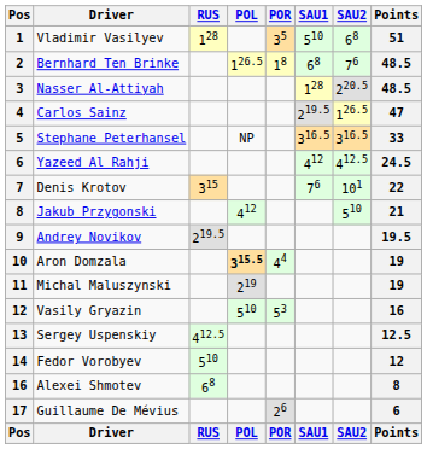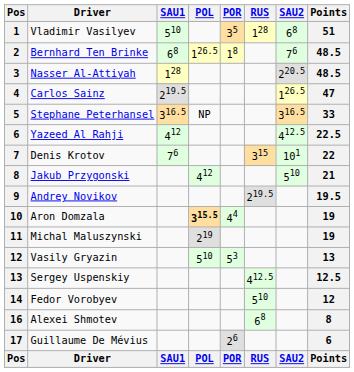 <table class="wikitable" style="font-size: 85%; text-align: center; display: inline-table;">
 <tr valign="top">
 <th valign="middle">Pos</th>
 <th valign="middle">Driver</th>
-<th><a href='#'>RUS</a><br></th>
+<th><a href='#'>SAU1</a><br></th>
 <th><a href='#'>POL</a><br></th>
 <th><a href='#'>POR</a><br></th>
-<th><a href='#'>SAU1</a><br></th>
+<th><a href='#'>RUS</a><br></th>
 <th><a href='#'>SAU2</a><br></th>
 <th valign="middle">Points</th>
 </tr>
 <tr>
 <th>1</th>
 <td align=left> Vladimir Vasilyev</td>
-<td style="background:#ffffbf;">1<sup>28</sup></td>
+<td style="background:#dfffdf;">5<sup>10</sup></td>
 <td></td>
 <td style="background:#ffdf9f;">3<sup>5</sup></td>
-<td style="background:#dfffdf;">5<sup>10</sup></td>
+<td style="background:#ffffbf;">1<sup>28</sup></td>
 <td style="background:#dfffdf;">6<sup>8</sup></td>
 <th>51</th>
 </tr>
 <tr>
 <th>2</th>
 <td align=left> <a href='#'>Bernhard Ten Brinke</a></td>
-<td></td>
+<td style="background:#dfffdf;">6<sup>8</sup></td>
 <td style="background:#ffffbf;">1<sup>26.5</sup></td>
 <td style="background:#ffffbf;">1<sup>8</sup></td>
-<td style="background:#dfffdf;">6<sup>8</sup></td>
+<td></td>
 <td style="background:#dfffdf;">7<sup>6</sup></td>
 <th>48.5</th>
 </tr>
 <tr>
 <th>3</th>
 <td align=left> <a href='#'>Nasser Al-Attiyah</a></td>
+<td style="background:#ffffbf;">1<sup>28</sup></td>
 <td></td>
 <td></td>
 <td></td>
-<td style="background:#ffffbf;">1<sup>28</sup></td>
 <td style="background:#dfdfdf;">2<sup>20.5</sup></td>
 <th>48.5</th>
 </tr>
 <tr>
 <th>4</th>
 <td align=left> <a href='#'>Carlos Sainz</a></td>
+<td style="background:#dfdfdf;">2<sup>19.5</sup></td>
 <td></td>
 <td></td>
 <td></td>
-<td style="background:#dfdfdf;">2<sup>19.5</sup></td>
 <td style="background:#ffffbf;">1<sup>26.5</sup></td>
 <th>47</th>
 </tr>
 <tr>
 <th>5</th>
 <td align=left> <a href='#'>Stephane Peterhansel</a></td>
-<td></td>
+<td style="background:#ffdf9f;">3<sup>16.5</sup></td>
 <td>NP</td>
 <td></td>
-<td style="background:#ffdf9f;">3<sup>16.5</sup></td>
+<td></td>
 <td style="background:#ffdf9f;">3<sup>16.5</sup></td>
 <th>33</th>
 </tr>
 <tr>
 <th>6</th>
 <td align=left> <a href='#'>Yazeed Al Rahji</a></td>
+<td style="background:#dfffdf;">4<sup>12</sup></td>
 <td></td>
 <td></td>
 <td></td>
-<td style="background:#dfffdf;">4<sup>12</sup></td>
 <td style="background:#dfffdf;">4<sup>12.5</sup></td>
-<th>24.5</th>
+<th>22.5</th>
 </tr>
 <tr>
 <th>7</th>
 <td align=left> Denis Krotov</td>
-<td style="background:#ffdf9f;">3<sup>15</sup></td>
+<td style="background:#dfffdf;">7<sup>6</sup></td>
 <td></td>
 <td></td>
-<td style="background:#dfffdf;">7<sup>6</sup></td>
+<td style="background:#ffdf9f;">3<sup>15</sup></td>
 <td style="background:#dfffdf;">10<sup>1</sup></td>
 <th>22</th>
 </tr>
 <tr>
 <th>8</th>
 <td align=left> <a href='#'>Jakub Przygonski</a></td>
 <td></td>
 <td style="background:#dfffdf;">4<sup>12</sup></td>
 <td></td>
 <td></td>
 <td style="background:#dfffdf;">5<sup>10</sup></td>
 <th>21</th>
 </tr>
 <tr>
 <th>9</th>
 <td align=left> <a href='#'>Andrey Novikov</a></td>
-<td style="background:#dfdfdf;">2<sup>19.5</sup></td>
 <td></td>
 <td></td>
 <td></td>
+<td style="background:#dfdfdf;">2<sup>19.5</sup></td>
 <td></td>
 <th>19.5</th>
 </tr>
 <tr>
 <th>10</th>
 <td align=left> Aron Domzala</td>
 <td></td>
 <td style="background:#ffdf9f;"><strong>3<sup>15.5</sup></strong></td>
 <td style="background:#dfffdf;">4<sup>4</sup></td>
 <td></td>
 <td></td>
 <th>19</th>
 </tr>
 <tr>
 <th>11</th>
 <td align=left> Michal Maluszynski</td>
 <td></td>
 <td style="background:#dfdfdf;">2<sup>19</sup></td>
 <td></td>
 <td></td>
 <td></td>
 <th>19</th>
 </tr>
 <tr>
 <th>12</th>
 <td align=left> Vasily Gryazin</td>
 <td></td>
 <td style="background:#dfffdf;">5<sup>10</sup></td>
 <td style="background:#dfffdf;">5<sup>3</sup></td>
 <td></td>
 <td></td>
-<th>16</th>
+<th>13</th>
 </tr>
 <tr>
 <th>13</th>
 <td align=left> Sergey Uspenskiy</td>
-<td style="background:#dfffdf;">4<sup>12.5</sup></td>
 <td></td>
 <td></td>
 <td></td>
+<td style="background:#dfffdf;">4<sup>12.5</sup></td>
 <td></td>
 <th>12.5</th>
 </tr>
 <tr>
 <th>14</th>
 <td align=left> Fedor Vorobyev</td>
-<td style="background:#dfffdf;">5<sup>10</sup></td>
 <td></td>
 <td></td>
 <td></td>
+<td style="background:#dfffdf;">5<sup>10</sup></td>
 <td></td>
 <th>12</th>
 </tr>
 <tr>
 <th>16</th>
 <td align=left> Alexei Shmotev</td>
-<td style="background:#dfffdf;">6<sup>8</sup></td>
 <td></td>
 <td></td>
 <td></td>
+<td style="background:#dfffdf;">6<sup>8</sup></td>
 <td></td>
 <th>8</th>
 </tr>
 <tr>
 <th>17</th>
 <td align=left> Guillaume De Mévius</td>
 <td></td>
 <td></td>
 <td style="background:#dfdfdf;">2<sup>6</sup></td>
 <td></td>
 <td></td>
 <th>6</th>
 </tr>
 <tr valign="top">
 <th valign="middle">Pos</th>
 <th valign="middle">Driver</th>
-<th><a href='#'>RUS</a><br></th>
+<th><a href='#'>SAU1</a><br></th>
 <th><a href='#'>POL</a><br></th>
 <th><a href='#'>POR</a><br></th>
-<th><a href='#'>SAU1</a><br></th>
+<th><a href='#'>RUS</a><br></th>
 <th><a href='#'>SAU2</a><br></th>
 <th valign="middle">Points</th>
 </tr>
 </table>
